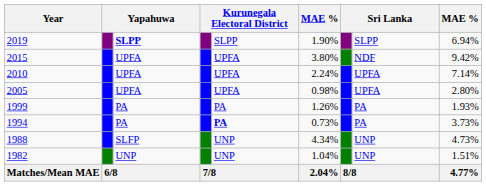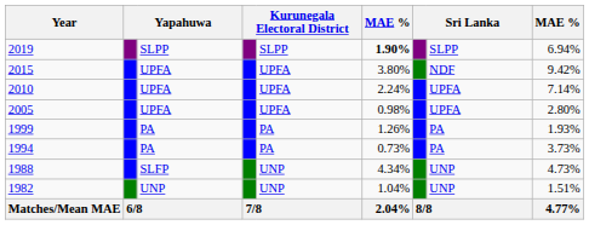 <table class="wikitable">
 <tr>
 <th>Year</th>
 <th colspan="2" width="144px">Yapahuwa</th>
 <th colspan="2" width="144px"><a href='#'>Kurunegala Electoral District</a></th>
 <th><a href='#'>MAE</a> %</th>
 <th colspan="2" width="144px">Sri Lanka</th>
 <th>MAE %</th>
 </tr>
 <tr>
 <td><a href='#'>2019</a></td>
 <td style="background-color:purple;" width="10px"></td>
-<td style="text-align:left;"><strong><a href='#'>SLPP</a></strong></td>
+<td style="text-align:left;"><a href='#'>SLPP</a></td>
 <td style="background-color:purple;" width="10px"></td>
 <td style="text-align:left;"><a href='#'>SLPP</a></td>
-<td style="text-align:right;">1.90%</td>
+<td style="text-align:right;"><strong>1.90%</strong></td>
 <td style="background-color:purple;" width="10px"></td>
 <td style="text-align:left;"><a href='#'>SLPP</a></td>
 <td style="text-align:right;">6.94%</td>
 </tr>
 <tr>
 <td><a href='#'>2015</a></td>
 <td style="background-color:blue;" width="10px"></td>
 <td style="text-align:left;"><a href='#'>UPFA</a></td>
 <td style="background-color:blue;" width="10px"></td>
 <td style="text-align:left;"><a href='#'>UPFA</a></td>
 <td style="text-align:right;">3.80%</td>
 <td style="background-color:green;" width="10px"></td>
 <td style="text-align:left;"><a href='#'>NDF</a></td>
 <td style="text-align:right;">9.42%</td>
 </tr>
 <tr>
 <td><a href='#'>2010</a></td>
 <td style="background-color:blue;" width="10px"></td>
 <td style="text-align:left;"><a href='#'>UPFA</a></td>
 <td style="background-color:blue;" width="10px"></td>
 <td style="text-align:left;"><a href='#'>UPFA</a></td>
 <td style="text-align:right;">2.24%</td>
 <td style="background-color:blue;" width="10px"></td>
 <td style="text-align:left;"><a href='#'>UPFA</a></td>
 <td style="text-align:right;">7.14%</td>
 </tr>
 <tr>
 <td><a href='#'>2005</a></td>
 <td style="background-color:blue;" width="10px"></td>
 <td style="text-align:left;"><a href='#'>UPFA</a></td>
 <td style="background-color:blue;" width="10px"></td>
 <td style="text-align:left;"><a href='#'>UPFA</a></td>
 <td style="text-align:right;">0.98%</td>
 <td style="background-color:blue;" width="10px"></td>
 <td style="text-align:left;"><a href='#'>UPFA</a></td>
 <td style="text-align:right;">2.80%</td>
 </tr>
 <tr>
 <td><a href='#'>1999</a></td>
 <td style="background-color:blue;" width="10px"></td>
 <td style="text-align:left;"><a href='#'>PA</a></td>
 <td style="background-color:blue;" width="10px"></td>
 <td style="text-align:left;"><a href='#'>PA</a></td>
 <td style="text-align:right;">1.26%</td>
 <td style="background-color:blue;" width="10px"></td>
 <td style="text-align:left;"><a href='#'>PA</a></td>
 <td style="text-align:right;">1.93%</td>
 </tr>
 <tr>
 <td><a href='#'>1994</a></td>
 <td style="background-color:blue;" width="10px"></td>
 <td style="text-align:left;"><a href='#'>PA</a></td>
 <td style="background-color:blue;" width="10px"></td>
-<td style="text-align:left;"><strong><a href='#'>PA</a></strong></td>
+<td style="text-align:left;"><a href='#'>PA</a></td>
 <td style="text-align:right;">0.73%</td>
 <td style="background-color:blue;" width="10px"></td>
 <td style="text-align:left;"><a href='#'>PA</a></td>
 <td style="text-align:right;">3.73%</td>
 </tr>
 <tr>
 <td><a href='#'>1988</a></td>
 <td style="background-color:blue;" width="10px"></td>
 <td style="text-align:left;"><a href='#'>SLFP</a></td>
 <td style="background-color:green;" width="10px"></td>
 <td style="text-align:left;"><a href='#'>UNP</a></td>
 <td style="text-align:right;">4.34%</td>
 <td style="background-color:green;" width="10px"></td>
 <td style="text-align:left;"><a href='#'>UNP</a></td>
 <td style="text-align:right;">4.73%</td>
 </tr>
 <tr>
 <td><a href='#'>1982</a></td>
 <td style="background-color:green;" width="10px"></td>
 <td style="text-align:left;"><a href='#'>UNP</a></td>
 <td style="background-color:green;" width="10px"></td>
 <td style="text-align:left;"><a href='#'>UNP</a></td>
 <td style="text-align:right;">1.04%</td>
 <td style="background-color:green;" width="10px"></td>
 <td style="text-align:left;"><a href='#'>UNP</a></td>
 <td style="text-align:right;">1.51%</td>
 </tr>
 <tr>
 <th>Matches/Mean MAE</th>
 <th style="text-align:left;"colspan="2" width="144px">6/8</th>
 <th style="text-align:left;"colspan="2" width="144px">7/8</th>
 <th style="text-align:right;">2.04%</th>
 <th style="text-align:left;"colspan="2" width="144px">8/8</th>
 <th style="text-align:right;">4.77%</th>
 </tr>
 </table>
